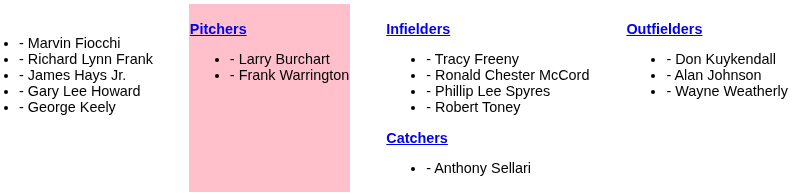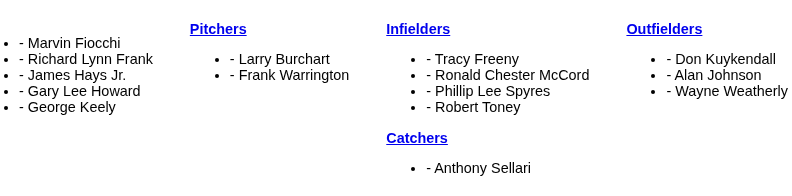 <table class="toccolours" style="border-collapse:collapse; font-size:90%;">
 <tr>
 <td colspan="15" style=></td>
 </tr>
 <tr>
 <td width="33"> </td>
 <td valign="top"><br><ul><li>- Marvin Fiocchi</li><li>- Richard Lynn Frank</li><li>- James Hays Jr.</li><li>- Gary Lee Howard</li><li>- George Keely</li></ul></td>
 <td width="33"> </td>
-<td valign="top" style="background: pink;"><br><strong><a href='#'>Pitchers</a></strong><ul><li>- Larry Burchart</li><li>- Frank Warrington</li></ul></td>
+<td valign="top"><br><strong><a href='#'>Pitchers</a></strong><ul><li>- Larry Burchart</li><li>- Frank Warrington</li></ul></td>
 <td width="33"> </td>
 <td valign="top"><br><strong><a href='#'>Infielders</a></strong><ul><li>- Tracy Freeny</li><li>- Ronald Chester McCord</li><li>- Phillip Lee Spyres</li><li>- Robert Toney</li></ul><strong><a href='#'>Catchers</a></strong><ul><li>- Anthony Sellari</li></ul></td>
 <td width="33"> </td>
 <td valign="top"><br><strong><a href='#'>Outfielders</a></strong><ul><li>- Don Kuykendall</li><li>- Alan Johnson</li><li>- Wayne Weatherly</li></ul></td>
 </tr>
 </table>
